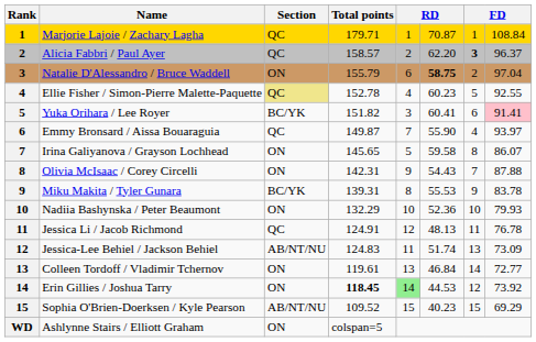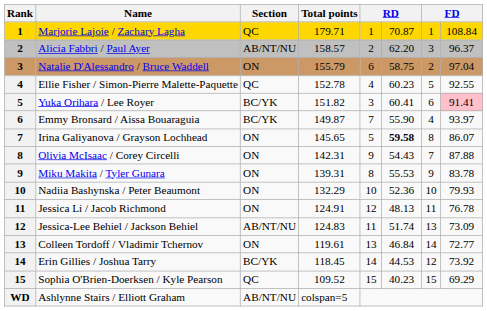 <table class="wikitable sortable">
 <tr>
 <th>Rank</th>
 <th>Name</th>
 <th>Section</th>
 <th>Total points</th>
 <th colspan="2" width="80px"><a href='#'>RD</a></th>
 <th colspan="2" width="80px"><a href='#'>FD</a></th>
 </tr>
 <tr bgcolor="gold">
 <td align="center"><strong>1</strong></td>
 <td><a href='#'>Marjorie Lajoie</a> / <a href='#'>Zachary Lagha</a></td>
 <td>QC</td>
 <td align="center">179.71</td>
 <td align="center">1</td>
 <td align="center">70.87</td>
 <td align="center">1</td>
 <td align="center">108.84</td>
 </tr>
 <tr bgcolor="silver">
 <td align="center"><strong>2</strong></td>
 <td><a href='#'>Alicia Fabbri</a> / <a href='#'>Paul Ayer</a></td>
-<td>QC</td>
+<td>AB/NT/NU</td>
 <td align="center">158.57</td>
 <td align="center">2</td>
 <td align="center">62.20</td>
-<td align="center"><strong>3</strong></td>
+<td align="center">3</td>
 <td align="center">96.37</td>
 </tr>
 <tr bgcolor="cc9966">
 <td align="center"><strong>3</strong></td>
 <td><a href='#'>Natalie D'Alessandro</a> / <a href='#'>Bruce Waddell</a></td>
 <td>ON</td>
 <td align="center">155.79</td>
 <td align="center">6</td>
-<td align="center"><strong>58.75</strong></td>
+<td align="center">58.75</td>
 <td align="center">2</td>
 <td align="center">97.04</td>
 </tr>
 <tr>
 <th>4</th>
 <td>Ellie Fisher / Simon-Pierre Malette-Paquette</td>
-<td style="background: khaki;">QC</td>
+<td>QC</td>
 <td align="center">152.78</td>
 <td align="center">4</td>
 <td align="center">60.23</td>
 <td align="center">5</td>
 <td align="center">92.55</td>
 </tr>
 <tr>
 <th>5</th>
 <td><a href='#'>Yuka Orihara</a> / Lee Royer</td>
 <td>BC/YK</td>
 <td align="center">151.82</td>
 <td align="center">3</td>
 <td align="center">60.41</td>
 <td align="center">6</td>
 <td align="center" style="background: pink;">91.41</td>
 </tr>
 <tr>
 <th>6</th>
 <td>Emmy Bronsard / Aissa Bouaraguia</td>
-<td>QC</td>
+<td>BC/YK</td>
 <td align="center">149.87</td>
 <td align="center">7</td>
 <td align="center">55.90</td>
 <td align="center">4</td>
 <td align="center">93.97</td>
 </tr>
 <tr>
 <th>7</th>
 <td>Irina Galiyanova / Grayson Lochhead</td>
 <td>ON</td>
 <td align="center">145.65</td>
 <td align="center">5</td>
-<td align="center">59.58</td>
+<td align="center"><strong>59.58</strong></td>
 <td align="center">8</td>
 <td align="center">86.07</td>
 </tr>
 <tr>
 <th>8</th>
 <td><a href='#'>Olivia McIsaac</a> / Corey Circelli</td>
 <td>ON</td>
 <td align="center">142.31</td>
 <td align="center">9</td>
 <td align="center">54.43</td>
 <td align="center">7</td>
 <td align="center">87.88</td>
 </tr>
 <tr>
 <th>9</th>
 <td><a href='#'>Miku Makita</a> / <a href='#'>Tyler Gunara</a></td>
-<td>BC/YK</td>
+<td>ON</td>
 <td align="center">139.31</td>
 <td align="center">8</td>
 <td align="center">55.53</td>
 <td align="center">9</td>
 <td align="center">83.78</td>
 </tr>
 <tr>
 <th>10</th>
 <td>Nadiia Bashynska / Peter Beaumont</td>
 <td>ON</td>
 <td align="center">132.29</td>
 <td align="center">10</td>
 <td align="center">52.36</td>
 <td align="center">10</td>
 <td align="center">79.93</td>
 </tr>
 <tr>
 <th>11</th>
 <td>Jessica Li / Jacob Richmond</td>
-<td>QC</td>
+<td>ON</td>
 <td align="center">124.91</td>
 <td align="center">12</td>
 <td align="center">48.13</td>
 <td align="center">11</td>
 <td align="center">76.78</td>
 </tr>
 <tr>
 <th>12</th>
 <td>Jessica-Lee Behiel / Jackson Behiel</td>
 <td>AB/NT/NU</td>
 <td align="center">124.83</td>
 <td align="center">11</td>
 <td align="center">51.74</td>
 <td align="center">13</td>
 <td align="center">73.09</td>
 </tr>
 <tr>
 <th>13</th>
 <td>Colleen Tordoff / Vladimir Tchernov</td>
 <td>ON</td>
 <td align="center">119.61</td>
 <td align="center">13</td>
 <td align="center">46.84</td>
 <td align="center">14</td>
 <td align="center">72.77</td>
 </tr>
 <tr>
 <th>14</th>
 <td>Erin Gillies / Joshua Tarry</td>
-<td>ON</td>
-<td align="center"><strong>118.45</strong></td>
-<td align="center" style="background: lightgreen;">14</td>
+<td>BC/YK</td>
+<td align="center">118.45</td>
+<td align="center">14</td>
 <td align="center">44.53</td>
 <td align="center">12</td>
 <td align="center">73.92</td>
 </tr>
 <tr>
 <th>15</th>
 <td>Sophia O'Brien-Doerksen / Kyle Pearson</td>
-<td>AB/NT/NU</td>
+<td>QC</td>
 <td align="center">109.52</td>
 <td align="center">15</td>
 <td align="center">40.23</td>
 <td align="center">15</td>
 <td align="center">69.29</td>
 </tr>
 <tr>
 <th>WD</th>
 <td>Ashlynne Stairs / Elliott Graham</td>
-<td>ON</td>
+<td>AB/NT/NU</td>
 <td>colspan=5 </td>
 </tr>
 </table>
